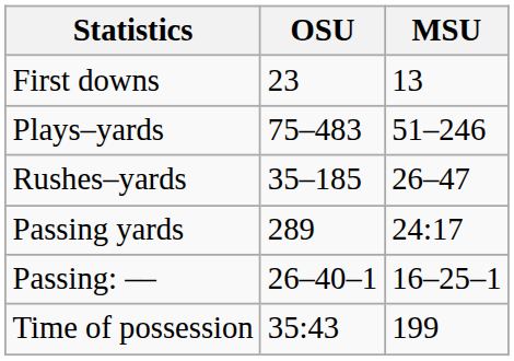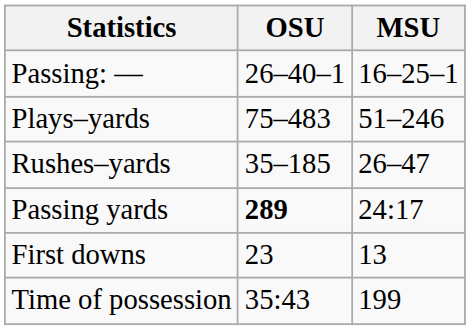 <table class="wikitable" style="float:left">
 <tr>
 <th>Statistics</th>
 <th>OSU</th>
 <th>MSU</th>
 </tr>
 <tr>
-<td>First downs</td>
-<td>23</td>
-<td>13</td>
+<td>Passing: ––</td>
+<td>26–40–1</td>
+<td>16–25–1</td>
 </tr>
 <tr>
 <td>Plays–yards</td>
 <td>75–483</td>
 <td>51–246</td>
 </tr>
 <tr>
 <td>Rushes–yards</td>
 <td>35–185</td>
 <td>26–47</td>
 </tr>
 <tr>
 <td>Passing yards</td>
-<td>289</td>
+<td><strong>289</strong></td>
 <td>24:17</td>
 </tr>
 <tr>
-<td>Passing: ––</td>
-<td>26–40–1</td>
-<td>16–25–1</td>
+<td>First downs</td>
+<td>23</td>
+<td>13</td>
 </tr>
 <tr>
 <td>Time of possession</td>
 <td>35:43</td>
 <td>199</td>
 </tr>
 </table>
